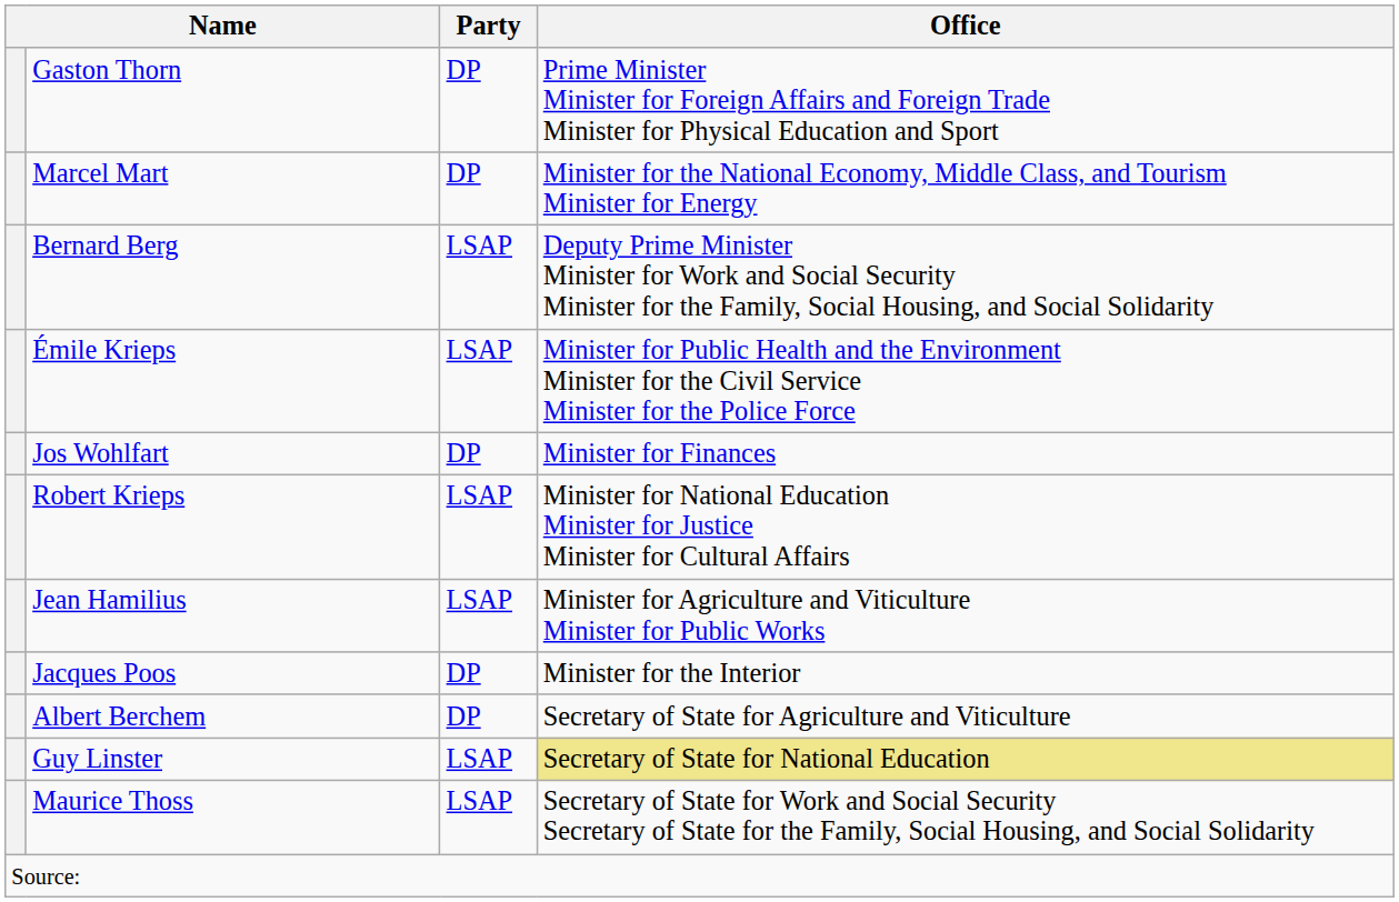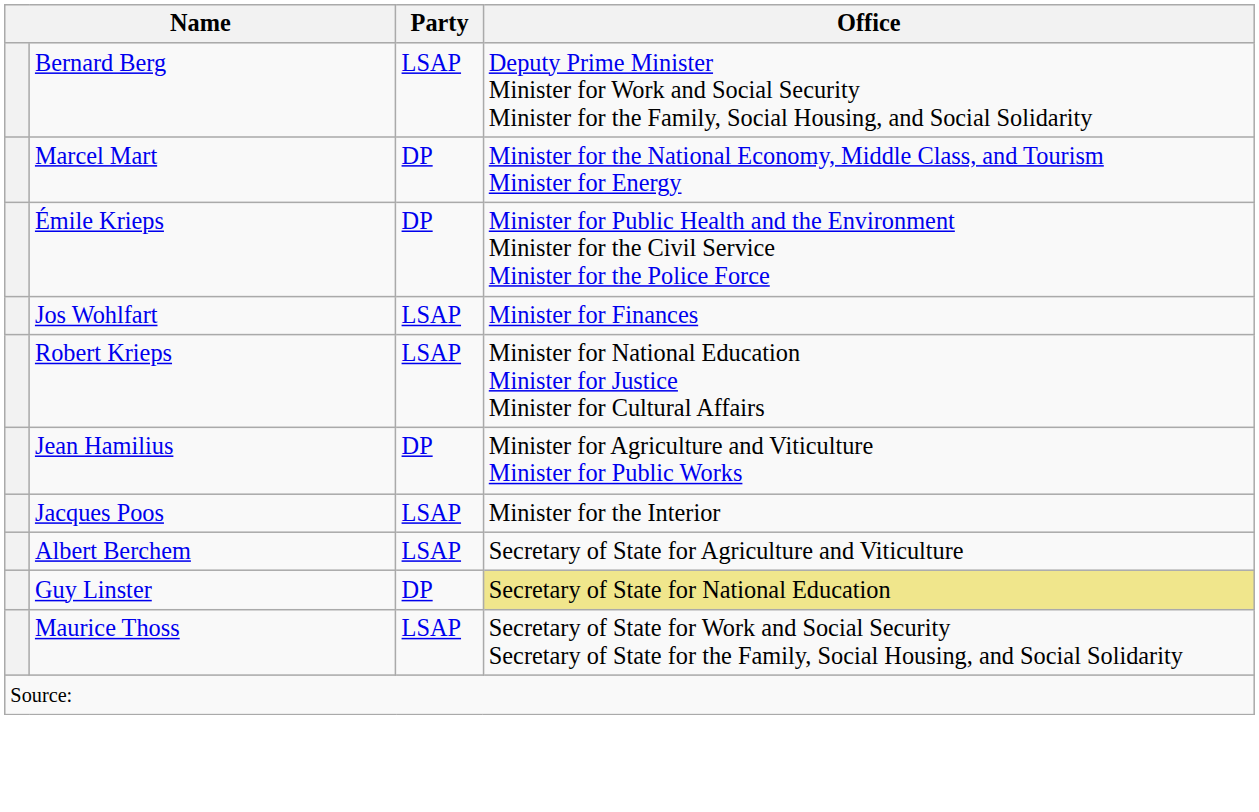 <table class="wikitable">
 <tr>
 <th colspan=2 width=250px>Name</th>
 <th width=50px>Party</th>
 <th width=500px>Office</th>
 </tr>
 <tr>
-<th width=5px style="background-color: "></th>
-<td valign=top><a href='#'>Gaston Thorn</a></td>
-<td valign=top><a href='#'>DP</a></td>
-<td><a href='#'>Prime Minister</a> <br> <a href='#'>Minister for Foreign Affairs and Foreign Trade</a> <br> Minister for Physical Education and Sport</td>
+<th style="background-color: "></th>
+<td valign=top><a href='#'>Bernard Berg</a></td>
+<td valign=top><a href='#'>LSAP</a></td>
+<td><a href='#'>Deputy Prime Minister</a> <br> Minister for Work and Social Security <br> Minister for the Family, Social Housing, and Social Solidarity</td>
 </tr>
 <tr>
 <th style="background-color: "></th>
 <td valign=top><a href='#'>Marcel Mart</a></td>
 <td valign=top><a href='#'>DP</a></td>
 <td><a href='#'>Minister for the National Economy, Middle Class, and Tourism</a> <br> <a href='#'>Minister for Energy</a></td>
 </tr>
 <tr>
 <th style="background-color: "></th>
-<td valign=top><a href='#'>Bernard Berg</a></td>
-<td valign=top><a href='#'>LSAP</a></td>
-<td><a href='#'>Deputy Prime Minister</a> <br> Minister for Work and Social Security <br> Minister for the Family, Social Housing, and Social Solidarity</td>
-</tr>
-<tr>
-<th style="background-color: "></th>
 <td valign=top><a href='#'>Émile Krieps</a></td>
-<td valign=top><a href='#'>LSAP</a></td>
+<td valign=top><a href='#'>DP</a></td>
 <td><a href='#'>Minister for Public Health and the Environment</a> <br> Minister for the Civil Service <br> <a href='#'>Minister for the Police Force</a></td>
 </tr>
 <tr>
 <th style="background-color: "></th>
 <td valign=top><a href='#'>Jos Wohlfart</a></td>
-<td valign=top><a href='#'>DP</a></td>
+<td valign=top><a href='#'>LSAP</a></td>
 <td><a href='#'>Minister for Finances</a></td>
 </tr>
 <tr>
 <th style="background-color: "></th>
 <td valign=top><a href='#'>Robert Krieps</a></td>
 <td valign=top><a href='#'>LSAP</a></td>
 <td>Minister for National Education <br> <a href='#'>Minister for Justice</a> <br> Minister for Cultural Affairs</td>
 </tr>
 <tr>
 <th style="background-color: "></th>
 <td valign=top><a href='#'>Jean Hamilius</a></td>
-<td valign=top><a href='#'>LSAP</a></td>
+<td valign=top><a href='#'>DP</a></td>
 <td>Minister for Agriculture and Viticulture <br> <a href='#'>Minister for Public Works</a></td>
 </tr>
 <tr>
 <th style="background-color: "></th>
 <td valign=top><a href='#'>Jacques Poos</a></td>
-<td valign=top><a href='#'>DP</a></td>
+<td valign=top><a href='#'>LSAP</a></td>
 <td>Minister for the Interior</td>
 </tr>
 <tr>
 <th style="background-color: "></th>
 <td valign=top><a href='#'>Albert Berchem</a></td>
-<td valign=top><a href='#'>DP</a></td>
+<td valign=top><a href='#'>LSAP</a></td>
 <td>Secretary of State for Agriculture and Viticulture</td>
 </tr>
 <tr>
 <th style="background-color: "></th>
 <td valign=top><a href='#'>Guy Linster</a></td>
-<td valign=top><a href='#'>LSAP</a></td>
+<td valign=top><a href='#'>DP</a></td>
 <td style="background: khaki;">Secretary of State for National Education</td>
 </tr>
 <tr>
 <th style="background-color: "></th>
 <td valign=top><a href='#'>Maurice Thoss</a></td>
 <td valign=top><a href='#'>LSAP</a></td>
 <td>Secretary of State for Work and Social Security <br> Secretary of State for the Family, Social Housing, and Social Solidarity</td>
 </tr>
 <tr>
 <td colspan=4><small>Source: </small></td>
 </tr>
 </table>
